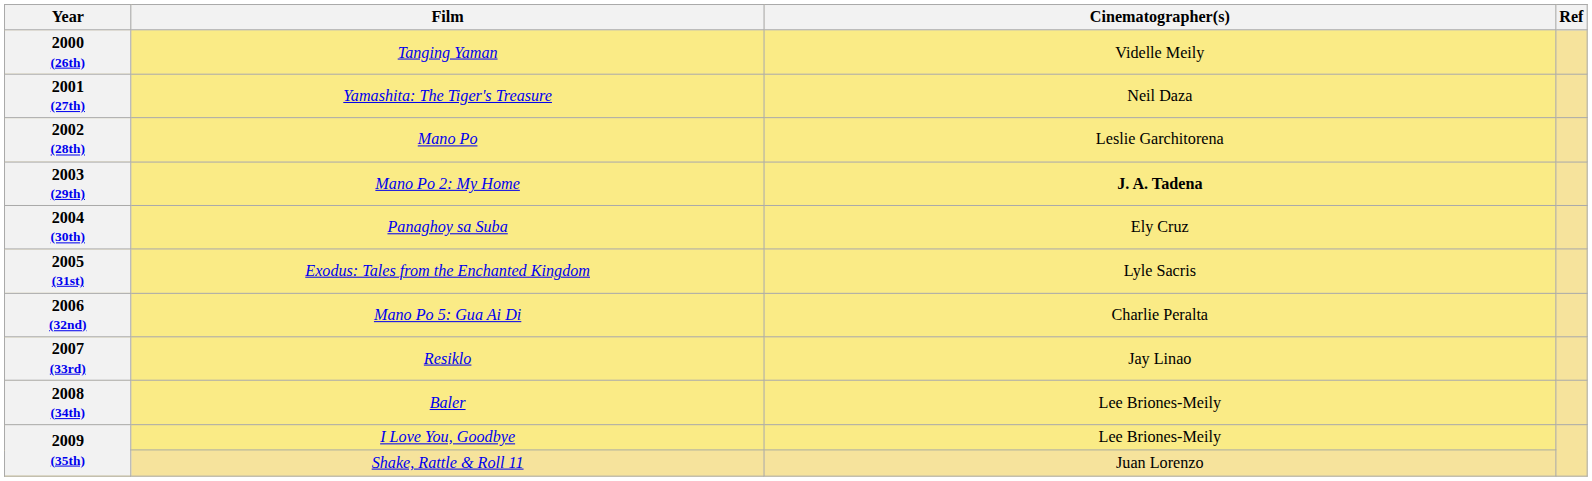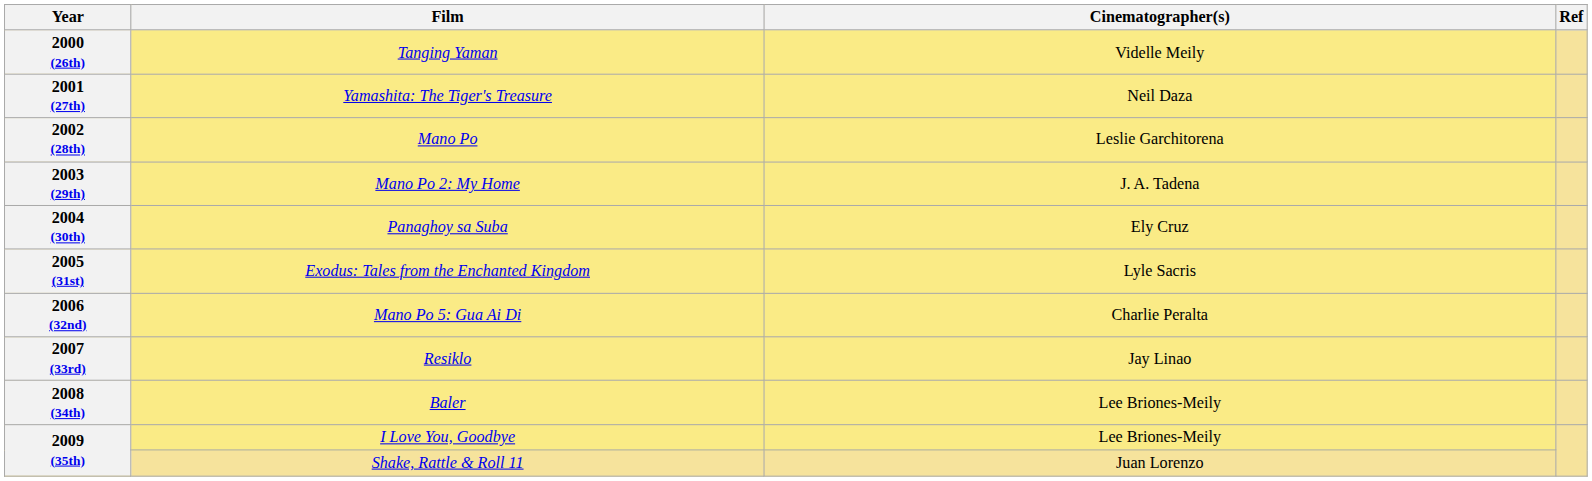 <table class="wikitable" rowspan=2 style="text-align: center; background: #f6e39c">
 <tr style="background:#bebebe;">
 <th scope="col" style="width:8%;">Year</th>
 <th scope="col" style="width:40%;">Film</th>
 <th scope="col" style="width:50%;">Cinematographer(s)</th>
 <th scope="col" style="width:2%;">Ref</th>
 </tr>
 <tr>
 <th scope="row" style="text-align:center">2000 <br><small><a href='#'>(26th)</a> </small></th>
 <td style="background:#FAEB86"><em><a href='#'>Tanging Yaman</a></em></td>
 <td style="background:#FAEB86">Videlle Meily</td>
 <td></td>
 </tr>
 <tr>
 <th scope="row" style="text-align:center">2001 <br><small><a href='#'>(27th)</a> </small></th>
 <td style="background:#FAEB86"><em><a href='#'>Yamashita: The Tiger's Treasure</a></em></td>
 <td style="background:#FAEB86">Neil Daza</td>
 <td></td>
 </tr>
 <tr>
 <th scope="row" style="text-align:center">2002 <br><small><a href='#'>(28th)</a> </small></th>
 <td style="background:#FAEB86"><em><a href='#'>Mano Po</a></em></td>
 <td style="background:#FAEB86">Leslie Garchitorena</td>
 <td></td>
 </tr>
 <tr>
 <th scope="row" style="text-align:center">2003 <br><small><a href='#'>(29th)</a> </small></th>
 <td style="background:#FAEB86"><em><a href='#'>Mano Po 2: My Home</a></em></td>
-<td style="background:#FAEB86"><strong>J. A. Tadena</strong></td>
+<td style="background:#FAEB86">J. A. Tadena</td>
 <td></td>
 </tr>
 <tr>
 <th scope="row" style="text-align:center">2004 <br><small><a href='#'>(30th)</a> </small></th>
 <td style="background:#FAEB86"><em><a href='#'>Panaghoy sa Suba</a></em></td>
 <td style="background:#FAEB86">Ely Cruz</td>
 <td></td>
 </tr>
 <tr>
 <th scope="row" style="text-align:center">2005 <br><small><a href='#'>(31st)</a> </small></th>
 <td style="background:#FAEB86"><em><a href='#'>Exodus: Tales from the Enchanted Kingdom</a></em></td>
 <td style="background:#FAEB86">Lyle Sacris</td>
 <td></td>
 </tr>
 <tr>
 <th scope="row" style="text-align:center">2006 <br><small><a href='#'>(32nd)</a> </small></th>
 <td style="background:#FAEB86"><em><a href='#'>Mano Po 5: Gua Ai Di</a></em></td>
 <td style="background:#FAEB86">Charlie Peralta</td>
 <td></td>
 </tr>
 <tr>
 <th scope="row" style="text-align:center">2007 <br><small><a href='#'>(33rd)</a> </small></th>
 <td style="background:#FAEB86"><em><a href='#'>Resiklo</a></em></td>
 <td style="background:#FAEB86">Jay Linao</td>
 <td></td>
 </tr>
 <tr>
 <th scope="row" style="text-align:center">2008 <br><small><a href='#'>(34th)</a> </small></th>
 <td style="background:#FAEB86"><em><a href='#'>Baler</a></em></td>
 <td style="background:#FAEB86">Lee Briones-Meily</td>
 <td></td>
 </tr>
 <tr>
 <th scope="row" style="text-align:center" rowspan=2>2009 <br><small><a href='#'>(35th)</a> </small></th>
 <td style="background:#FAEB86"><em><a href='#'>I Love You, Goodbye</a></em></td>
 <td style="background:#FAEB86">Lee Briones-Meily</td>
 <td rowspan=2></td>
 </tr>
 <tr>
 <td><em><a href='#'>Shake, Rattle & Roll 11</a></em></td>
 <td>Juan Lorenzo</td>
 </tr>
 </table>
